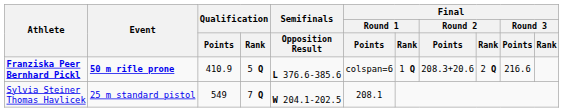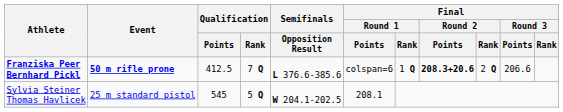 <table class="wikitable" style="text-align:center; font-size:90%">
 <tr>
 <th rowspan=3>Athlete</th>
 <th rowspan=3>Event</th>
 <th colspan=2 rowspan=2>Qualification</th>
 <th rowspan=2>Semifinals</th>
 <th colspan=6>Final</th>
 </tr>
 <tr style="font-size:95%">
 <th colspan=2>Round 1</th>
 <th colspan=2>Round 2</th>
 <th colspan=2>Round 3</th>
 </tr>
 <tr style="font-size:95%">
 <th>Points</th>
 <th>Rank</th>
 <th>Opposition<br>Result</th>
 <th>Points</th>
 <th>Rank</th>
 <th>Points</th>
 <th>Rank</th>
 <th>Points</th>
 <th>Rank</th>
 </tr>
 <tr>
 <td align=left><strong><a href='#'>Franziska Peer</a><br><a href='#'>Bernhard Pickl</a></strong></td>
 <td align=left><strong><a href='#'>50 m rifle prone</a></strong></td>
-<td>410.9</td>
-<td>5 <strong>Q</strong></td>
+<td>412.5</td>
+<td>7 <strong>Q</strong></td>
 <td><br><strong>L</strong> 376.6-385.6</td>
 <td>colspan=6 </td>
 <td>1 <strong>Q</strong></td>
-<td>208.3+20.6</td>
+<td><strong>208.3+20.6</strong></td>
 <td>2 <strong>Q</strong></td>
-<td>216.6</td>
+<td>206.6</td>
 <td></td>
 </tr>
 <tr>
 <td align=left><a href='#'>Sylvia Steiner</a><br><a href='#'>Thomas Havlicek</a></td>
 <td align=left><a href='#'>25 m standard pistol</a></td>
-<td>549</td>
-<td>7 <strong>Q</strong></td>
+<td>545</td>
+<td>5 <strong>Q</strong></td>
 <td><br><strong>W</strong> 204.1-202.5</td>
 <td>208.1</td>
 </tr>
 </table>
